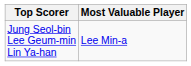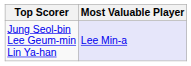 <table class="wikitable" style="margin: 0 auto;">
 <tr>
 <th>Top Scorer</th>
 <th>Most Valuable Player</th>
 </tr>
 <tr>
 <td> <a href='#'>Jung Seol-bin</a> <br>  <a href='#'>Lee Geum-min</a> <br>  <a href='#'>Lin Ya-han</a></td>
-<td> <a href='#'>Lee Min-a</a></td>
+<td style="background: lavender;"> <a href='#'>Lee Min-a</a></td>
 </tr>
 </table>
